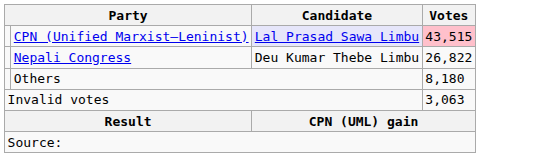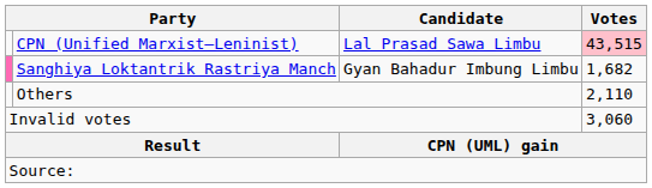 <table class="wikitable">
 <tr>
 <th colspan="2">Party</th>
 <th>Candidate</th>
 <th>Votes</th>
 </tr>
 <tr>
 <td style="background-color:"></td>
 <td><a href='#'>CPN (Unified Marxist–Leninist)</a></td>
-<td style="background: lavender;"><a href='#'>Lal Prasad Sawa Limbu</a></td>
+<td><a href='#'>Lal Prasad Sawa Limbu</a></td>
 <td style="background: pink;">43,515</td>
 </tr>
 <tr>
-<td style="background-color:"></td>
-<td><a href='#'>Nepali Congress</a></td>
-<td>Deu Kumar Thebe Limbu</td>
-<td>26,822</td>
+<td style="background-color:hotpink"></td>
+<td><a href='#'>Sanghiya Loktantrik Rastriya Manch</a></td>
+<td>Gyan Bahadur Imbung Limbu</td>
+<td>1,682</td>
 </tr>
 <tr>
 <td></td>
 <td colspan="2">Others</td>
-<td>8,180</td>
+<td>2,110</td>
 </tr>
 <tr>
 <td colspan="3">Invalid votes</td>
-<td>3,063</td>
+<td>3,060</td>
 </tr>
 <tr>
 <th colspan="2">Result</th>
 <th colspan="2">CPN (UML) gain</th>
 </tr>
 <tr>
 <td colspan="4">Source: </td>
 </tr>
 </table>
